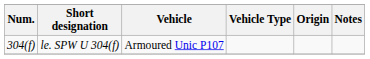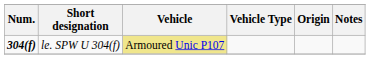 <table class="wikitable sortable">
 <tr>
 </tr>
 <tr>
 <th>Num.</th>
 <th>Short<br>designation</th>
 <th>Vehicle</th>
 <th>Vehicle Type</th>
 <th>Origin</th>
 <th>Notes</th>
 </tr>
 <tr>
-<td><em>304(f)</em></td>
+<td><strong><em>304(f)</em></strong></td>
 <td><em>le. SPW U 304(f)</em></td>
-<td>Armoured <a href='#'>Unic P107</a></td>
+<td style="background: khaki;">Armoured <a href='#'>Unic P107</a></td>
 <td></td>
 <td></td>
 <td></td>
 </tr>
 <tr>
 </tr>
 </table>
